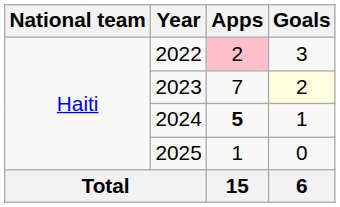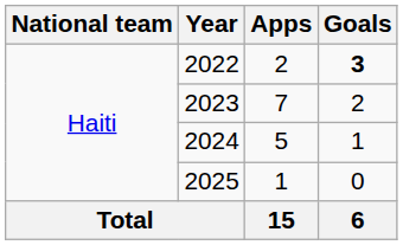 <table class="wikitable" style="text-align:center">
 <tr>
 <th>National team</th>
 <th>Year</th>
 <th>Apps</th>
 <th>Goals</th>
 </tr>
 <tr>
 <td rowspan="4"><a href='#'>Haiti</a></td>
 <td>2022</td>
-<td style="background: pink;">2</td>
-<td>3</td>
+<td>2</td>
+<td><strong>3</strong></td>
 </tr>
 <tr>
 <td>2023</td>
 <td>7</td>
-<td style="background: lightyellow;">2</td>
+<td>2</td>
 </tr>
 <tr>
 <td>2024</td>
-<td><strong>5</strong></td>
+<td>5</td>
 <td>1</td>
 </tr>
 <tr>
 <td>2025</td>
 <td>1</td>
 <td>0</td>
 </tr>
 <tr>
 <th colspan=2>Total</th>
 <th>15</th>
 <th>6</th>
 </tr>
 </table>
